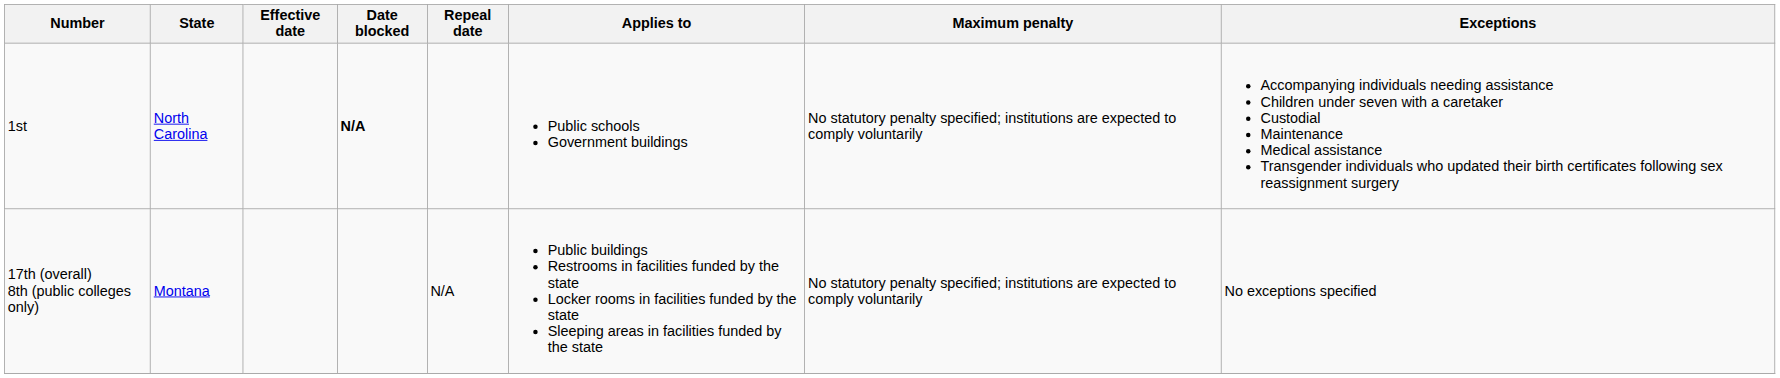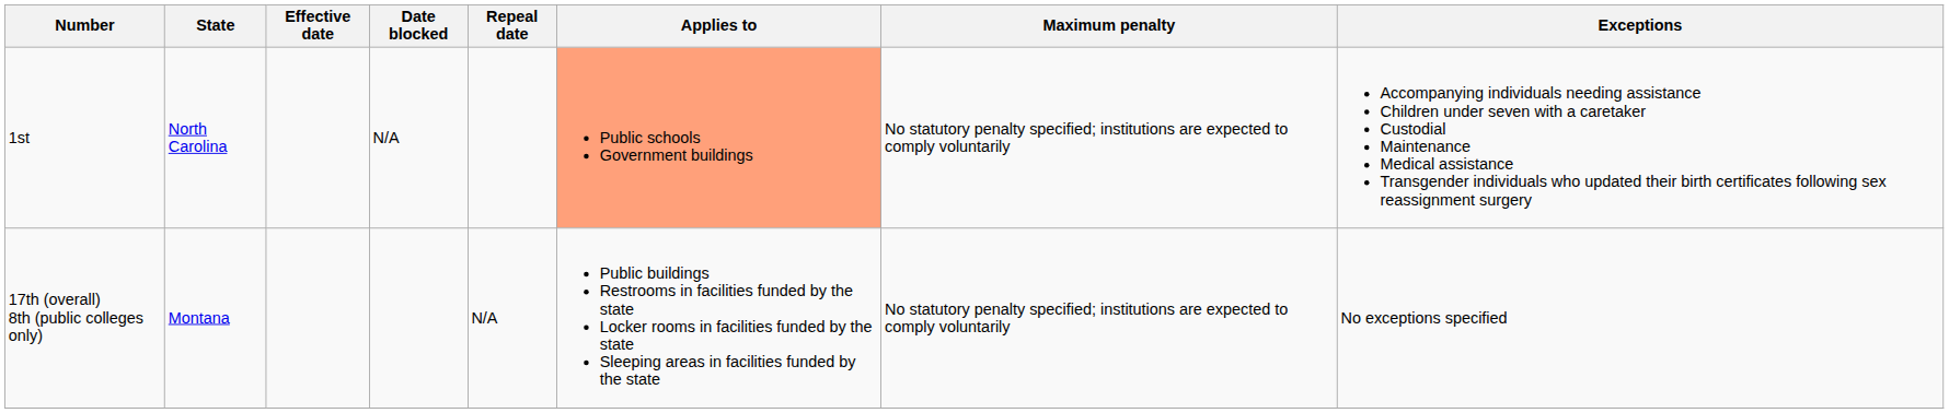 <table class="wikitable sortable data-sort-type=number sticky-header">
 <tr>
 <th>Number</th>
 <th>State</th>
 <th>Effective date</th>
 <th>Date blocked</th>
 <th>Repeal date</th>
 <th>Applies to</th>
 <th>Maximum penalty</th>
 <th>Exceptions</th>
 </tr>
 <tr>
 <td>1st</td>
 <td> <a href='#'>North Carolina</a></td>
 <td></td>
-<td><strong>N/A</strong></td>
+<td>N/A</td>
 <td></td>
-<td><br><ul><li>Public schools</li><li>Government buildings</li></ul></td>
+<td style="background: lightsalmon;"><br><ul><li>Public schools</li><li>Government buildings</li></ul></td>
 <td>No statutory penalty specified; institutions are expected to comply voluntarily</td>
 <td><br><ul><li>Accompanying individuals needing assistance</li><li>Children under seven with a caretaker</li><li>Custodial</li><li>Maintenance</li><li>Medical assistance</li><li>Transgender individuals who updated their birth certificates following sex reassignment surgery</li></ul></td>
 </tr>
 <tr>
 <td>17th (overall)<br>8th (public colleges only)</td>
 <td> <a href='#'>Montana</a></td>
 <td></td>
 <td></td>
 <td>N/A</td>
 <td><br><ul><li>Public buildings</li><li>Restrooms in facilities funded by the state</li><li>Locker rooms in facilities funded by the state</li><li>Sleeping areas in facilities funded by the state</li></ul></td>
 <td>No statutory penalty specified; institutions are expected to comply voluntarily</td>
 <td>No exceptions specified</td>
 </tr>
 <tr>
 </tr>
 </table>
